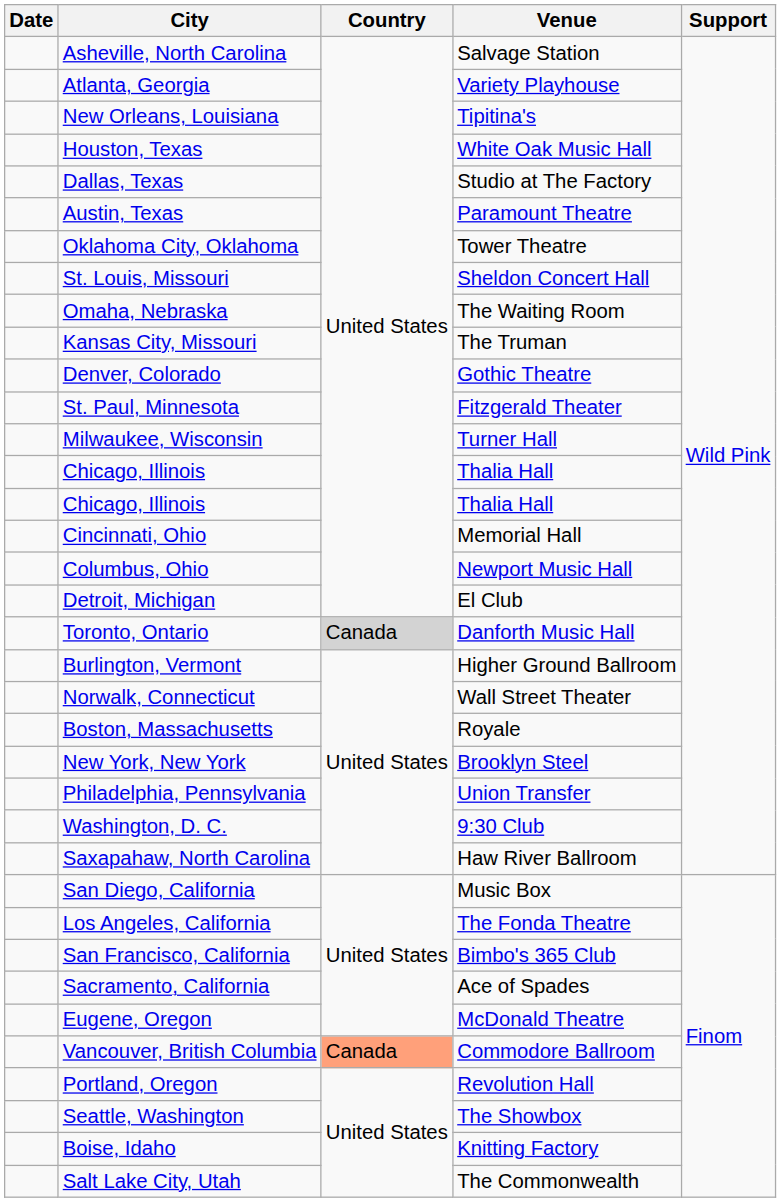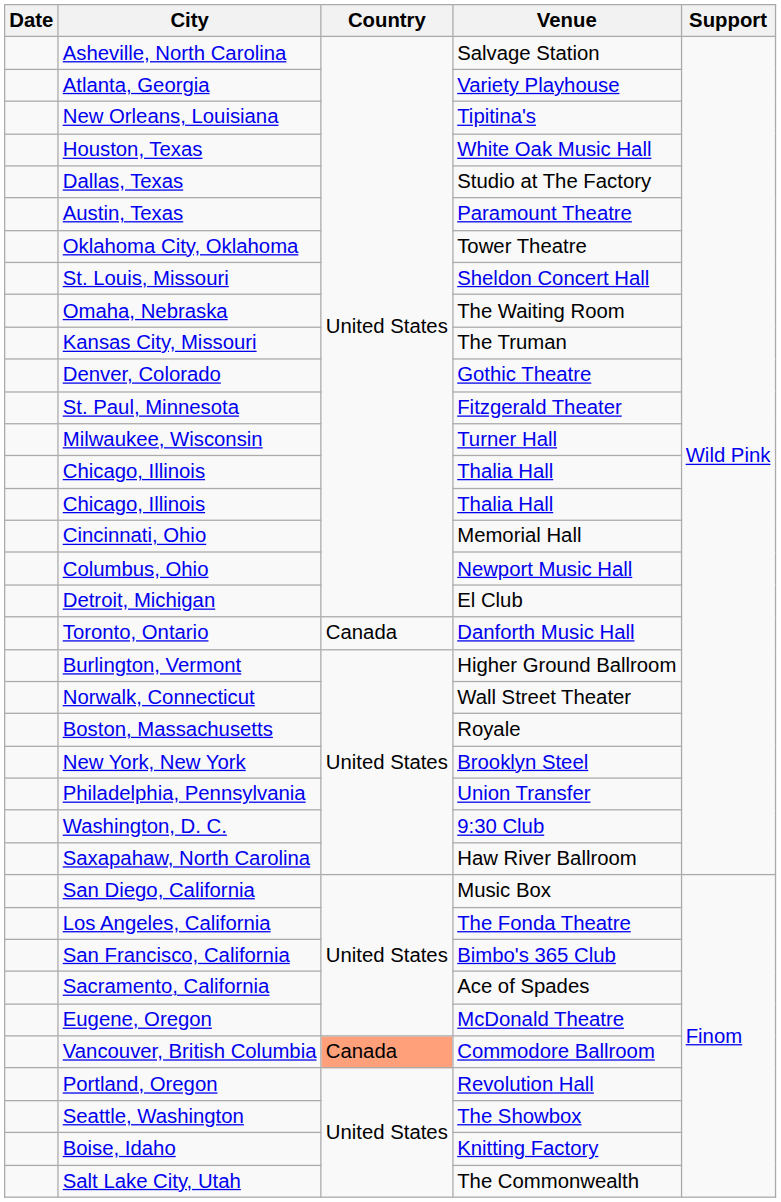 <table class="wikitable mw-collapsible">
 <tr>
 <th scope="col">Date</th>
 <th scope="col">City</th>
 <th scope="col">Country</th>
 <th scope="col">Venue</th>
 <th scope="col">Support</th>
 </tr>
 <tr>
 <td scope="row"></td>
 <td><a href='#'>Asheville, North Carolina</a></td>
 <td rowspan="18">United States</td>
 <td>Salvage Station</td>
 <td rowspan="26"><a href='#'>Wild Pink</a></td>
 </tr>
 <tr>
 <td scope="row"></td>
 <td><a href='#'>Atlanta, Georgia</a></td>
 <td><a href='#'>Variety Playhouse</a></td>
 </tr>
 <tr>
 <td scope="row"></td>
 <td><a href='#'>New Orleans, Louisiana</a></td>
 <td><a href='#'>Tipitina's</a></td>
 </tr>
 <tr>
 <td scope="row"></td>
 <td><a href='#'>Houston, Texas</a></td>
 <td><a href='#'>White Oak Music Hall</a></td>
 </tr>
 <tr>
 <td scope="row"></td>
 <td><a href='#'>Dallas, Texas</a></td>
 <td>Studio at The Factory</td>
 </tr>
 <tr>
 <td scope="row"></td>
 <td><a href='#'>Austin, Texas</a></td>
 <td><a href='#'>Paramount Theatre</a></td>
 </tr>
 <tr>
 <td scope="row"></td>
 <td><a href='#'>Oklahoma City, Oklahoma</a></td>
 <td>Tower Theatre</td>
 </tr>
 <tr>
 <td scope="row"></td>
 <td><a href='#'>St. Louis, Missouri</a></td>
 <td><a href='#'>Sheldon Concert Hall</a></td>
 </tr>
 <tr>
 <td scope="row"></td>
 <td><a href='#'>Omaha, Nebraska</a></td>
 <td>The Waiting Room</td>
 </tr>
 <tr>
 <td scope="row"></td>
 <td><a href='#'>Kansas City, Missouri</a></td>
 <td>The Truman</td>
 </tr>
 <tr>
 <td scope="row"></td>
 <td><a href='#'>Denver, Colorado</a></td>
 <td><a href='#'>Gothic Theatre</a></td>
 </tr>
 <tr>
 <td scope="row"></td>
 <td><a href='#'>St. Paul, Minnesota</a></td>
 <td><a href='#'>Fitzgerald Theater</a></td>
 </tr>
 <tr>
 <td scope="row"></td>
 <td><a href='#'>Milwaukee, Wisconsin</a></td>
 <td><a href='#'>Turner Hall</a></td>
 </tr>
 <tr>
 <td scope="row"></td>
 <td><a href='#'>Chicago, Illinois</a></td>
 <td><a href='#'>Thalia Hall</a></td>
 </tr>
 <tr>
 <td scope="row"></td>
 <td><a href='#'>Chicago, Illinois</a></td>
 <td><a href='#'>Thalia Hall</a></td>
 </tr>
 <tr>
 <td scope="row"></td>
 <td><a href='#'>Cincinnati, Ohio</a></td>
 <td>Memorial Hall</td>
 </tr>
 <tr>
 <td scope="row"></td>
 <td><a href='#'>Columbus, Ohio</a></td>
 <td><a href='#'>Newport Music Hall</a></td>
 </tr>
 <tr>
 <td scope="row"></td>
 <td><a href='#'>Detroit, Michigan</a></td>
 <td>El Club</td>
 </tr>
 <tr>
 <td scope="row"></td>
 <td><a href='#'>Toronto, Ontario</a></td>
-<td style="background: lightgrey;">Canada</td>
+<td>Canada</td>
 <td><a href='#'>Danforth Music Hall</a></td>
 </tr>
 <tr>
 <td scope="row"></td>
 <td><a href='#'>Burlington, Vermont</a></td>
 <td rowspan="7">United States</td>
 <td>Higher Ground Ballroom</td>
 </tr>
 <tr>
 <td scope="row"></td>
 <td><a href='#'>Norwalk, Connecticut</a></td>
 <td>Wall Street Theater</td>
 </tr>
 <tr>
 <td scope="row"></td>
 <td><a href='#'>Boston, Massachusetts</a></td>
 <td>Royale</td>
 </tr>
 <tr>
 <td scope="row"></td>
 <td><a href='#'>New York, New York</a></td>
 <td><a href='#'>Brooklyn Steel</a></td>
 </tr>
 <tr>
 <td scope="row"></td>
 <td><a href='#'>Philadelphia, Pennsylvania</a></td>
 <td><a href='#'>Union Transfer</a></td>
 </tr>
 <tr>
 <td scope="row"></td>
 <td><a href='#'>Washington, D. C.</a></td>
 <td><a href='#'>9:30 Club</a></td>
 </tr>
 <tr>
 <td scope="row"></td>
 <td><a href='#'>Saxapahaw, North Carolina</a></td>
 <td>Haw River Ballroom</td>
 </tr>
 <tr>
 <td scope="row"></td>
 <td><a href='#'>San Diego, California</a></td>
 <td rowspan="5">United States</td>
 <td>Music Box</td>
 <td rowspan="10"><a href='#'>Finom</a></td>
 </tr>
 <tr>
 <td scope="row"></td>
 <td><a href='#'>Los Angeles, California</a></td>
 <td><a href='#'>The Fonda Theatre</a></td>
 </tr>
 <tr>
 <td scope="row"></td>
 <td><a href='#'>San Francisco, California</a></td>
 <td><a href='#'>Bimbo's 365 Club</a></td>
 </tr>
 <tr>
 <td scope="row"></td>
 <td><a href='#'>Sacramento, California</a></td>
 <td>Ace of Spades</td>
 </tr>
 <tr>
 <td scope="row"></td>
 <td><a href='#'>Eugene, Oregon</a></td>
 <td><a href='#'>McDonald Theatre</a></td>
 </tr>
 <tr>
 <td scope="row"></td>
 <td><a href='#'>Vancouver, British Columbia</a></td>
 <td style="background: lightsalmon;">Canada</td>
 <td><a href='#'>Commodore Ballroom</a></td>
 </tr>
 <tr>
 <td scope="row"></td>
 <td><a href='#'>Portland, Oregon</a></td>
 <td rowspan="4">United States</td>
 <td><a href='#'>Revolution Hall</a></td>
 </tr>
 <tr>
 <td scope="row"></td>
 <td><a href='#'>Seattle, Washington</a></td>
 <td><a href='#'>The Showbox</a></td>
 </tr>
 <tr>
 <td scope="row"></td>
 <td><a href='#'>Boise, Idaho</a></td>
 <td><a href='#'>Knitting Factory</a></td>
 </tr>
 <tr>
 <td scope="row"></td>
 <td><a href='#'>Salt Lake City, Utah</a></td>
 <td>The Commonwealth</td>
 </tr>
 </table>
